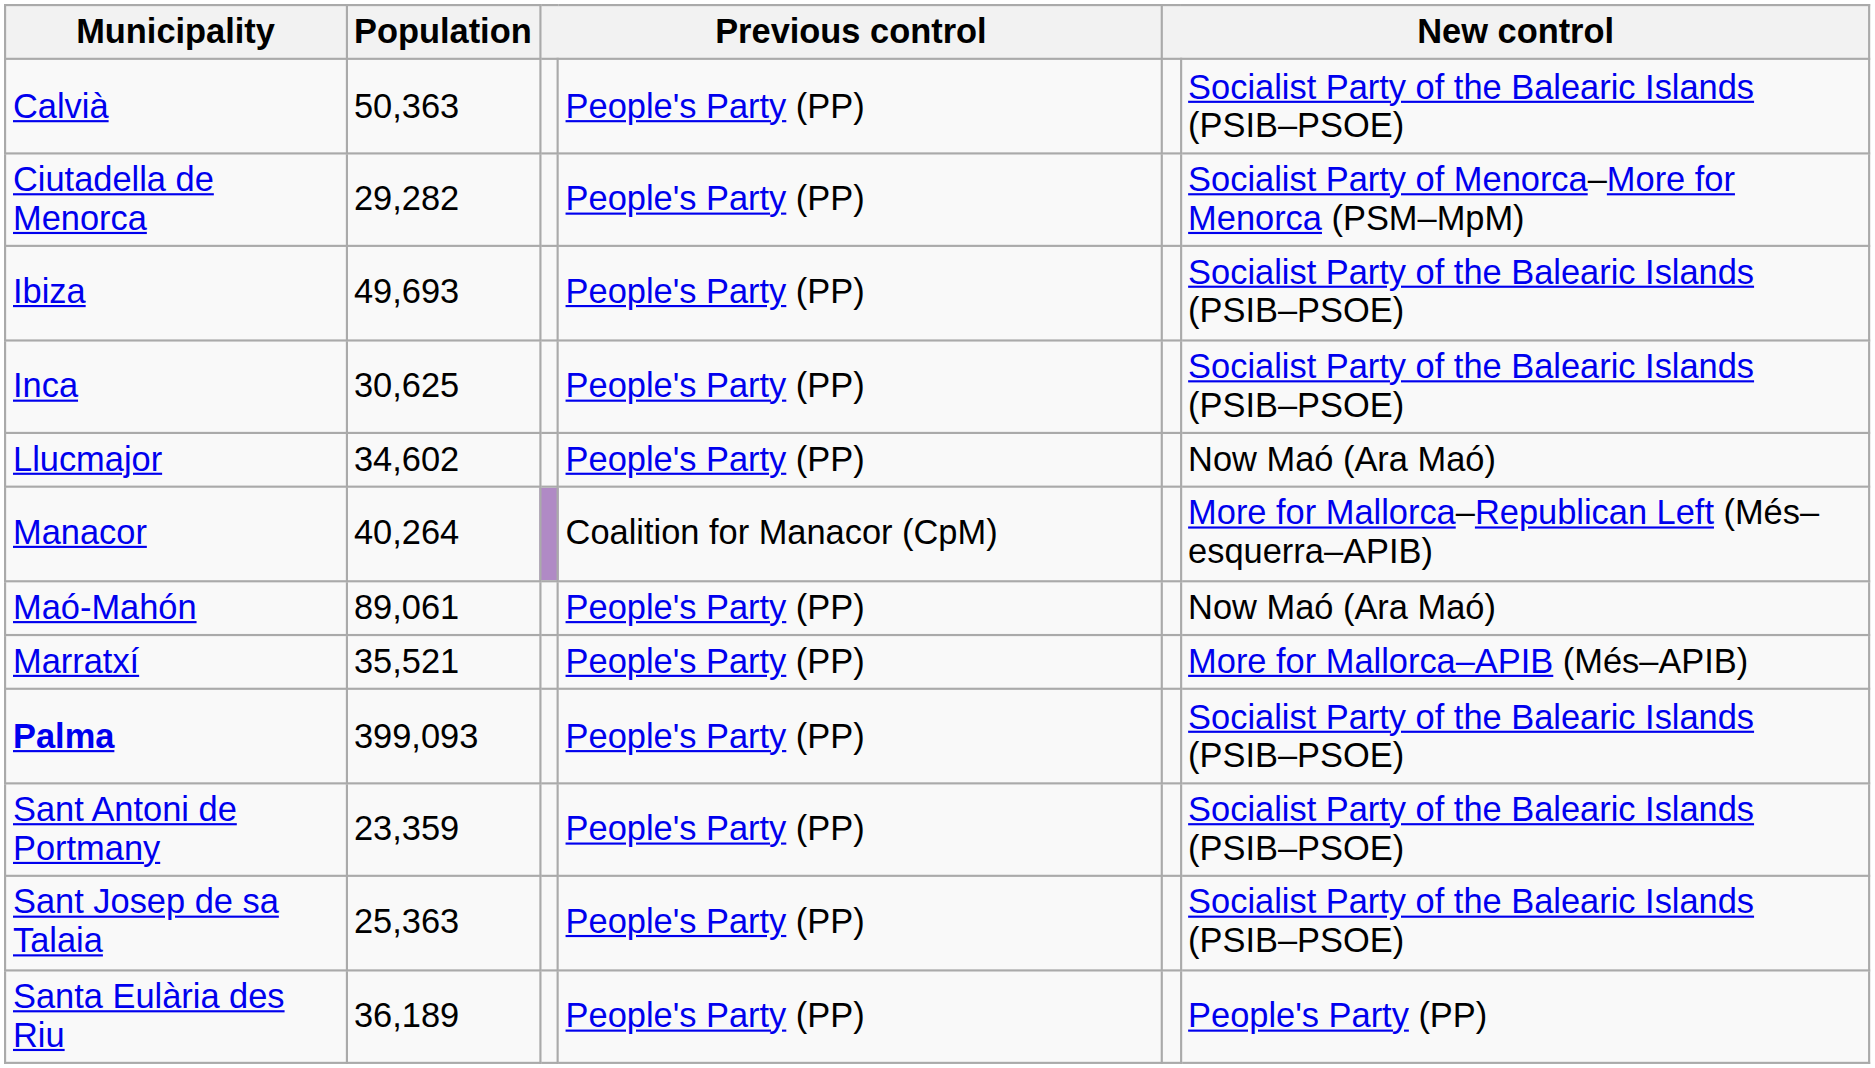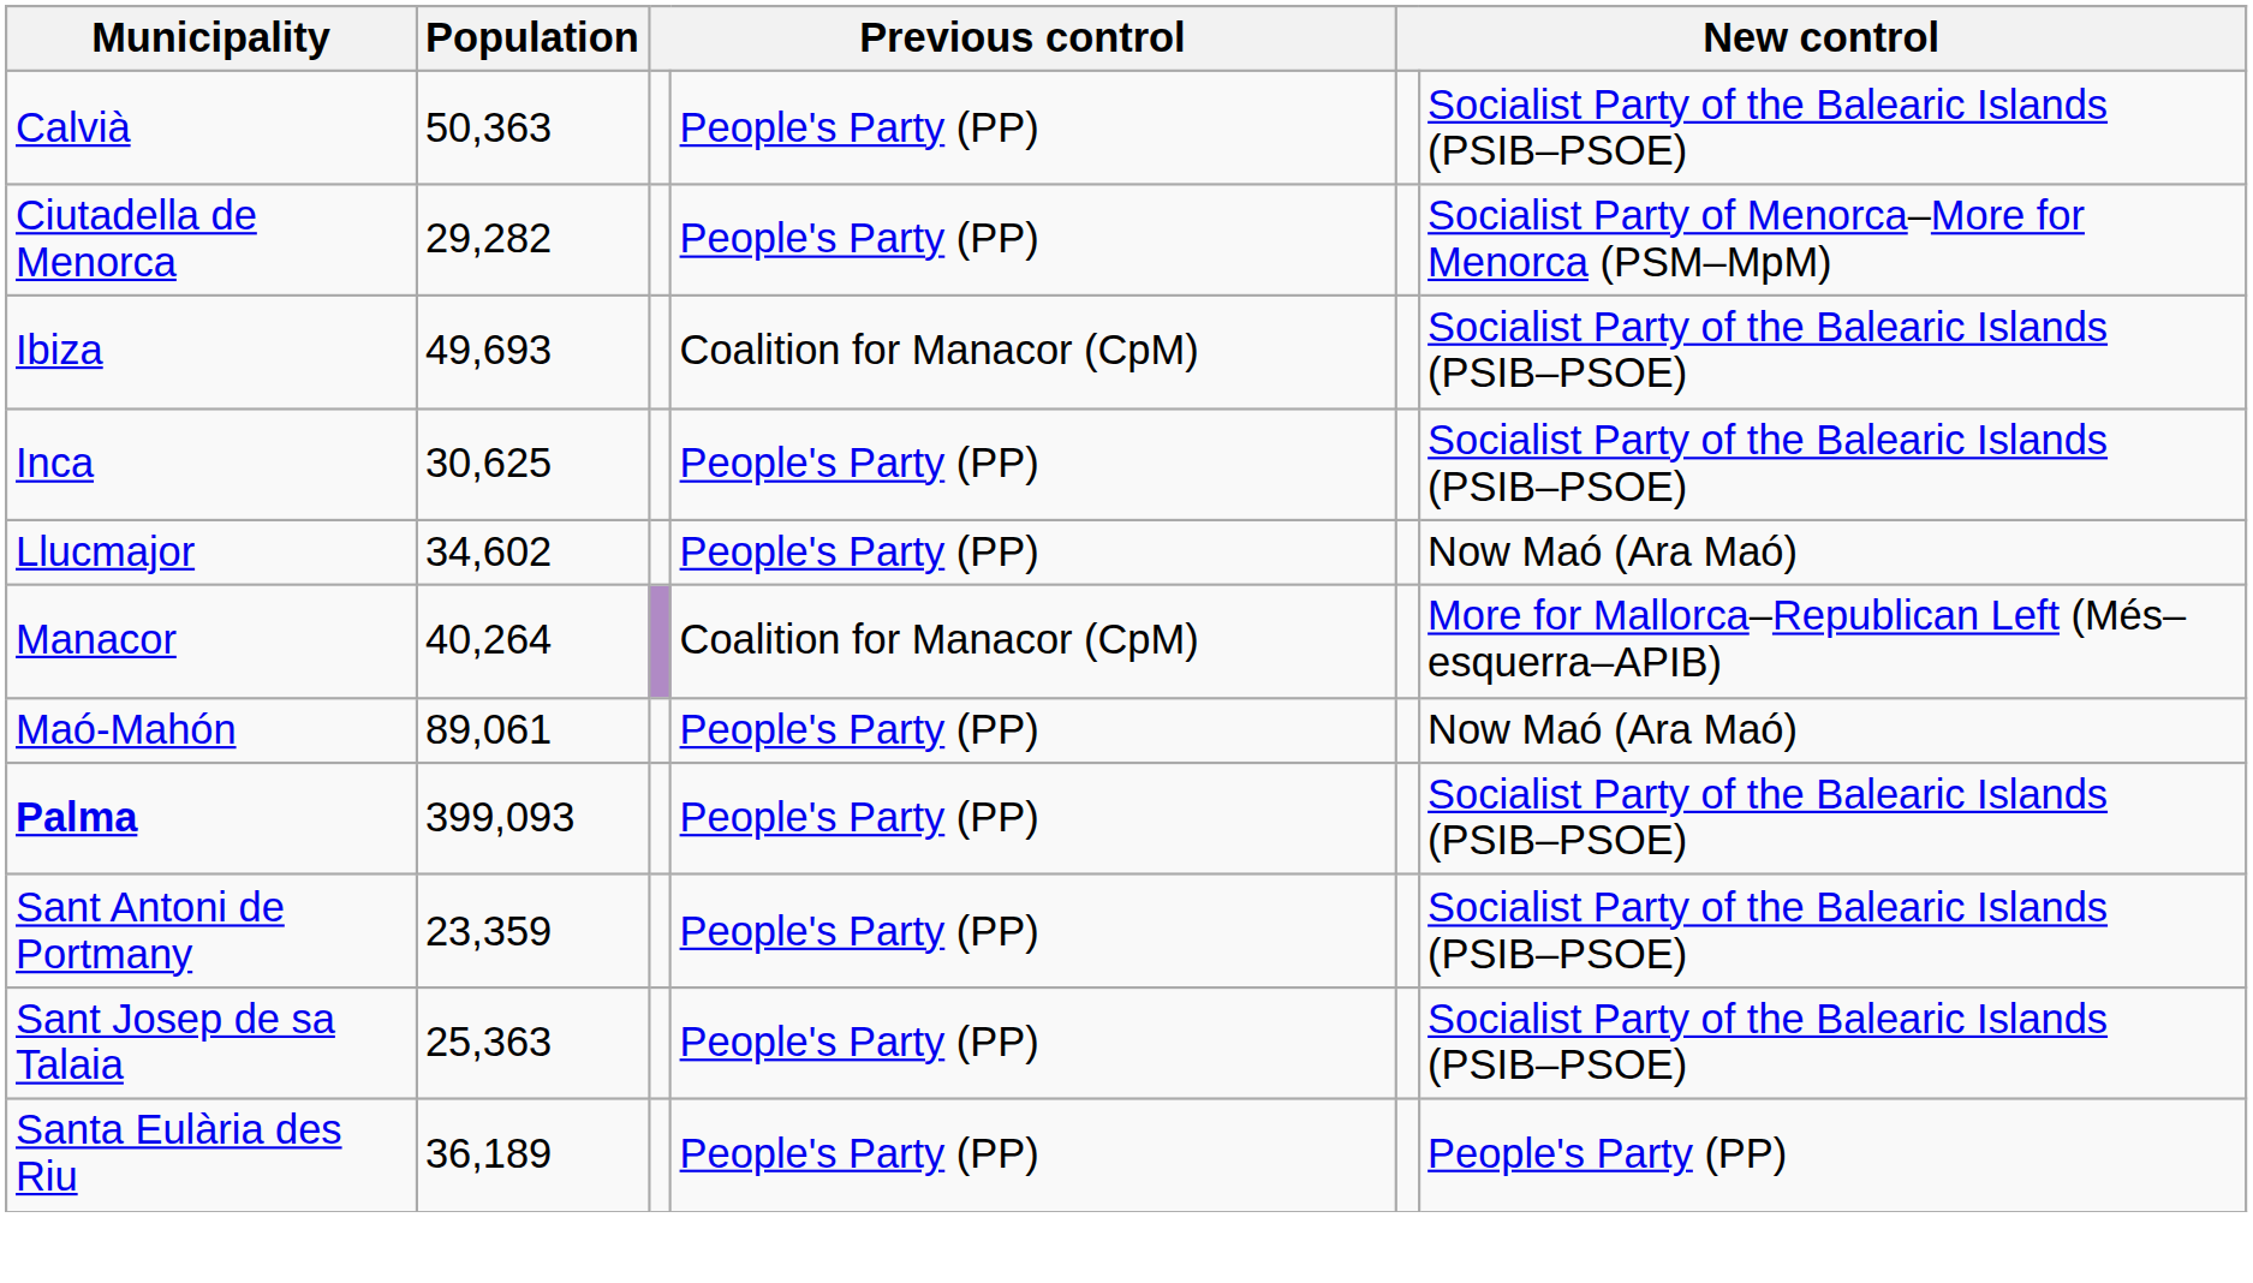 <table class="wikitable sortable">
 <tr>
 <th>Municipality</th>
 <th>Population</th>
 <th colspan="2" style="width:375px;">Previous control</th>
 <th colspan="2" style="width:375px;">New control</th>
 </tr>
 <tr>
 <td><a href='#'>Calvià</a></td>
 <td>50,363</td>
 <td width="1" style="color:inherit;background:"></td>
 <td><a href='#'>People's Party</a> (PP)</td>
 <td width="1" style="color:inherit;background:"></td>
 <td><a href='#'>Socialist Party of the Balearic Islands</a> (PSIB–PSOE)</td>
 </tr>
 <tr>
 <td><a href='#'>Ciutadella de Menorca</a></td>
 <td>29,282</td>
 <td style="color:inherit;background:"></td>
 <td><a href='#'>People's Party</a> (PP)</td>
 <td style="color:inherit;background:"></td>
 <td><a href='#'>Socialist Party of Menorca</a>–<a href='#'>More for Menorca</a> (PSM–MpM)</td>
 </tr>
 <tr>
 <td><a href='#'>Ibiza</a></td>
 <td>49,693</td>
 <td style="color:inherit;background:"></td>
-<td><a href='#'>People's Party</a> (PP)</td>
+<td>Coalition for Manacor (CpM)</td>
 <td style="color:inherit;background:"></td>
 <td><a href='#'>Socialist Party of the Balearic Islands</a> (PSIB–PSOE)</td>
 </tr>
 <tr>
 <td><a href='#'>Inca</a></td>
 <td>30,625</td>
 <td style="color:inherit;background:"></td>
 <td><a href='#'>People's Party</a> (PP)</td>
 <td style="color:inherit;background:"></td>
 <td><a href='#'>Socialist Party of the Balearic Islands</a> (PSIB–PSOE)</td>
 </tr>
 <tr>
 <td><a href='#'>Llucmajor</a></td>
 <td>34,602</td>
 <td style="color:inherit;background:"></td>
 <td><a href='#'>People's Party</a> (PP)</td>
 <td style="color:inherit;background:"></td>
 <td>Now Maó (Ara Maó)</td>
 </tr>
 <tr>
 <td><a href='#'>Manacor</a></td>
 <td>40,264</td>
 <td bgcolor="#B08AC5"></td>
 <td>Coalition for Manacor (CpM)</td>
 <td style="color:inherit;background:"></td>
 <td><a href='#'>More for Mallorca</a>–<a href='#'>Republican Left</a> (Més–esquerra–APIB) </td>
 </tr>
 <tr>
 <td><a href='#'>Maó-Mahón</a></td>
 <td>89,061</td>
 <td style="color:inherit;background:"></td>
 <td><a href='#'>People's Party</a> (PP)</td>
 <td style="color:inherit;background:"></td>
 <td>Now Maó (Ara Maó)</td>
 </tr>
 <tr>
-<td><a href='#'>Marratxí</a></td>
-<td>35,521</td>
-<td style="color:inherit;background:"></td>
-<td><a href='#'>People's Party</a> (PP)</td>
-<td style="color:inherit;background:"></td>
-<td><a href='#'>More for Mallorca–APIB</a> (Més–APIB)</td>
-</tr>
-<tr>
 <td><strong><a href='#'>Palma</a></strong></td>
 <td>399,093</td>
 <td style="color:inherit;background:"></td>
 <td><a href='#'>People's Party</a> (PP)</td>
 <td style="color:inherit;background:"></td>
 <td><a href='#'>Socialist Party of the Balearic Islands</a> (PSIB–PSOE) </td>
 </tr>
 <tr>
 <td><a href='#'>Sant Antoni de Portmany</a></td>
 <td>23,359</td>
 <td style="color:inherit;background:"></td>
 <td><a href='#'>People's Party</a> (PP)</td>
 <td style="color:inherit;background:"></td>
 <td><a href='#'>Socialist Party of the Balearic Islands</a> (PSIB–PSOE)</td>
 </tr>
 <tr>
 <td><a href='#'>Sant Josep de sa Talaia</a></td>
 <td>25,363</td>
 <td style="color:inherit;background:"></td>
 <td><a href='#'>People's Party</a> (PP)</td>
 <td style="color:inherit;background:"></td>
 <td><a href='#'>Socialist Party of the Balearic Islands</a> (PSIB–PSOE)</td>
 </tr>
 <tr>
 <td><a href='#'>Santa Eulària des Riu</a></td>
 <td>36,189</td>
 <td style="color:inherit;background:"></td>
 <td><a href='#'>People's Party</a> (PP)</td>
 <td style="color:inherit;background:"></td>
 <td><a href='#'>People's Party</a> (PP)</td>
 </tr>
 </table>
